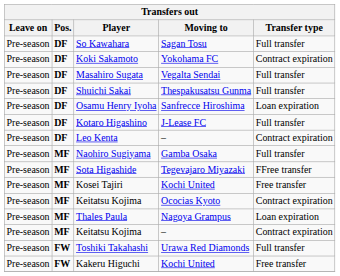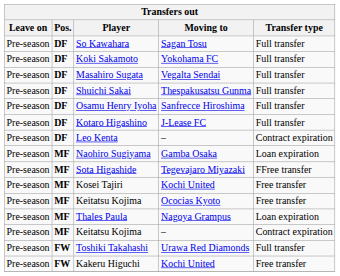 <table class="wikitable sortable" style=“text-align:left;>
 <tr>
 <th colspan="5">Transfers out</th>
 </tr>
 <tr>
 <th>Leave on</th>
 <th>Pos.</th>
 <th>Player</th>
 <th>Moving to</th>
 <th>Transfer type</th>
 </tr>
 <tr>
 <td>Pre-season</td>
 <td><strong>DF</strong></td>
 <td> <a href='#'>So Kawahara</a></td>
 <td> <a href='#'>Sagan Tosu</a></td>
 <td>Full transfer</td>
 </tr>
 <tr>
 <td>Pre-season</td>
 <td><strong>DF</strong></td>
 <td> <a href='#'>Koki Sakamoto</a></td>
 <td> <a href='#'>Yokohama FC</a></td>
-<td>Contract expiration</td>
+<td>Full transfer</td>
 </tr>
 <tr>
 <td>Pre-season</td>
 <td><strong>DF</strong></td>
 <td> <a href='#'>Masahiro Sugata</a></td>
 <td> <a href='#'>Vegalta Sendai</a></td>
 <td>Full transfer</td>
 </tr>
 <tr>
 <td>Pre-season</td>
 <td><strong>DF</strong></td>
 <td> <a href='#'>Shuichi Sakai</a></td>
 <td> <a href='#'>Thespakusatsu Gunma</a></td>
 <td>Full transfer</td>
 </tr>
 <tr>
 <td>Pre-season</td>
 <td><strong>DF</strong></td>
 <td> <a href='#'>Osamu Henry Iyoha</a></td>
 <td> <a href='#'>Sanfrecce Hiroshima</a></td>
-<td>Loan expiration</td>
+<td>Full transfer</td>
 </tr>
 <tr>
 <td>Pre-season</td>
 <td><strong>DF</strong></td>
 <td> <a href='#'>Kotaro Higashino</a></td>
 <td> <a href='#'>J-Lease FC</a></td>
 <td>Full transfer</td>
 </tr>
 <tr>
 <td>Pre-season</td>
 <td><strong>DF</strong></td>
 <td> <a href='#'>Leo Kenta</a></td>
 <td>–</td>
 <td>Contract expiration</td>
 </tr>
 <tr>
 <td>Pre-season</td>
 <td><strong>MF</strong></td>
 <td> <a href='#'>Naohiro Sugiyama</a></td>
 <td> <a href='#'>Gamba Osaka</a></td>
-<td>Full transfer</td>
+<td>Loan expiration</td>
 </tr>
 <tr>
 <td>Pre-season</td>
 <td><strong>MF</strong></td>
 <td> <a href='#'>Sota Higashide</a></td>
 <td> <a href='#'>Tegevajaro Miyazaki</a></td>
 <td>FFree transfer</td>
 </tr>
 <tr>
 <td>Pre-season</td>
 <td><strong>MF</strong></td>
 <td> Kosei Tajiri</td>
 <td> <a href='#'>Kochi United</a></td>
 <td>Free transfer</td>
 </tr>
 <tr>
 <td>Pre-season</td>
 <td><strong>MF</strong></td>
 <td> Keitatsu Kojima</td>
 <td> <a href='#'>Ococias Kyoto</a></td>
-<td>Contract expiration</td>
+<td>Free transfer</td>
 </tr>
 <tr>
 <td>Pre-season</td>
 <td><strong>MF</strong></td>
 <td> <a href='#'>Thales Paula</a></td>
 <td> <a href='#'>Nagoya Grampus</a></td>
 <td>Loan expiration</td>
 </tr>
 <tr>
 <td>Pre-season</td>
 <td><strong>MF</strong></td>
 <td> Keitatsu Kojima</td>
 <td>–</td>
 <td>Contract expiration</td>
 </tr>
 <tr>
 <td>Pre-season</td>
 <td><strong>FW</strong></td>
 <td> <a href='#'>Toshiki Takahashi</a></td>
 <td> <a href='#'>Urawa Red Diamonds</a></td>
 <td>Full transfer</td>
 </tr>
 <tr>
 <td>Pre-season</td>
 <td><strong>FW</strong></td>
 <td> Kakeru Higuchi</td>
 <td> <a href='#'>Kochi United</a></td>
 <td>Free transfer</td>
 </tr>
 <tr>
 </tr>
 </table>
